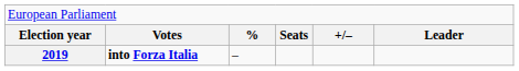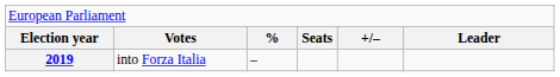 <table class=wikitable style="width:50%; border:1px #AAAAFF solid">
 <tr>
 <td colspan=6><a href='#'>European Parliament</a></td>
 </tr>
 <tr>
 <th width=13%>Election year</th>
 <th width=16%>Votes</th>
 <th width=6%>%</th>
 <th width=1%>Seats</th>
 <th width=8%>+/–</th>
 <th width=18%>Leader</th>
 </tr>
 <tr>
 <th><a href='#'>2019</a></th>
-<td><strong>into <a href='#'>Forza Italia</a></strong></td>
+<td>into <a href='#'>Forza Italia</a></td>
 <td>–</td>
 <td></td>
 <td></td>
 <td></td>
 </tr>
 </table>
